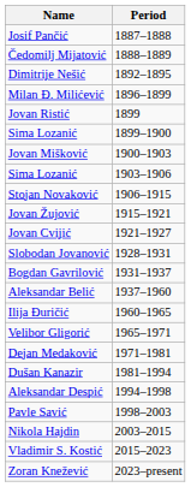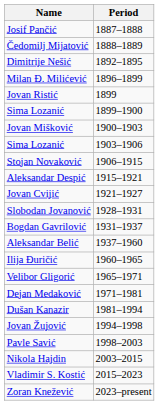 <table class="wikitable">
 <tr>
 <th>Name</th>
 <th>Period</th>
 </tr>
 <tr>
 <td><a href='#'>Josif Pančić</a></td>
 <td>1887–1888</td>
 </tr>
 <tr>
 <td><a href='#'>Čedomilj Mijatović</a></td>
 <td>1888–1889</td>
 </tr>
 <tr>
 <td><a href='#'>Dimitrije Nešić</a></td>
 <td>1892–1895</td>
 </tr>
 <tr>
 <td><a href='#'>Milan Đ. Milićević</a></td>
 <td>1896–1899</td>
 </tr>
 <tr>
 <td><a href='#'>Jovan Ristić</a></td>
 <td>1899</td>
 </tr>
 <tr>
 <td><a href='#'>Sima Lozanić</a></td>
 <td>1899–1900</td>
 </tr>
 <tr>
 <td><a href='#'>Jovan Mišković</a></td>
 <td>1900–1903</td>
 </tr>
 <tr>
 <td><a href='#'>Sima Lozanić</a></td>
 <td>1903–1906</td>
 </tr>
 <tr>
 <td><a href='#'>Stojan Novaković</a></td>
 <td>1906–1915</td>
 </tr>
 <tr>
-<td><a href='#'>Jovan Žujović</a></td>
+<td><a href='#'>Aleksandar Despić</a></td>
 <td>1915–1921</td>
 </tr>
 <tr>
 <td><a href='#'>Jovan Cvijić</a></td>
 <td>1921–1927</td>
 </tr>
 <tr>
 <td><a href='#'>Slobodan Jovanović</a></td>
 <td>1928–1931</td>
 </tr>
 <tr>
 <td><a href='#'>Bogdan Gavrilović</a></td>
 <td>1931–1937</td>
 </tr>
 <tr>
 <td><a href='#'>Aleksandar Belić</a></td>
 <td>1937–1960</td>
 </tr>
 <tr>
 <td><a href='#'>Ilija Đuričić</a></td>
 <td>1960–1965</td>
 </tr>
 <tr>
 <td><a href='#'>Velibor Gligorić</a></td>
 <td>1965–1971</td>
 </tr>
 <tr>
 <td><a href='#'>Dejan Medaković</a></td>
 <td>1971–1981</td>
 </tr>
 <tr>
 <td><a href='#'>Dušan Kanazir</a></td>
 <td>1981–1994</td>
 </tr>
 <tr>
-<td><a href='#'>Aleksandar Despić</a></td>
+<td><a href='#'>Jovan Žujović</a></td>
 <td>1994–1998</td>
 </tr>
 <tr>
 <td><a href='#'>Pavle Savić</a></td>
 <td>1998–2003</td>
 </tr>
 <tr>
 <td><a href='#'>Nikola Hajdin</a></td>
 <td>2003–2015</td>
 </tr>
 <tr>
 <td><a href='#'>Vladimir S. Kostić</a></td>
 <td>2015–2023</td>
 </tr>
 <tr>
 <td><a href='#'>Zoran Knežević</a></td>
 <td>2023–present</td>
 </tr>
 </table>
